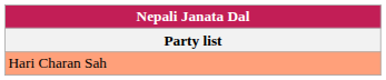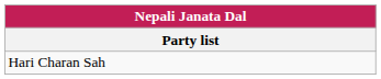 <table class="wikitable mw-collapsible mw-collapsed" role="presentation">
 <tr>
 <th style="width: 300pt; background:#C21E56; color: white;">Nepali Janata Dal</th>
 </tr>
 <tr>
 <th>Party list</th>
 </tr>
 <tr>
-<td style="background: lightsalmon;">Hari Charan Sah</td>
+<td>Hari Charan Sah</td>
 </tr>
 </table>
